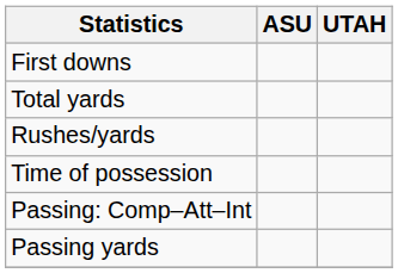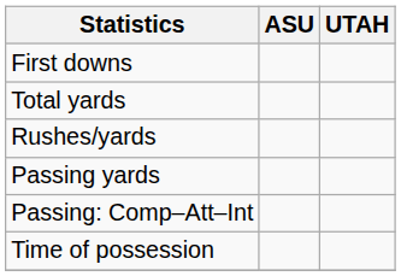 <table class="wikitable" style="float: left;">
 <tr>
 <th>Statistics</th>
 <th>ASU</th>
 <th>UTAH</th>
 </tr>
 <tr>
 <td>First downs</td>
 <td></td>
 <td></td>
 </tr>
 <tr>
 <td>Total yards</td>
 <td></td>
 <td></td>
 </tr>
 <tr>
 <td>Rushes/yards</td>
 <td></td>
 <td></td>
 </tr>
 <tr>
-<td>Time of possession</td>
+<td>Passing yards</td>
 <td></td>
 <td></td>
 </tr>
 <tr>
 <td>Passing: Comp–Att–Int</td>
 <td></td>
 <td></td>
 </tr>
 <tr>
-<td>Passing yards</td>
+<td>Time of possession</td>
 <td></td>
 <td></td>
 </tr>
 <tr>
 </tr>
 </table>
